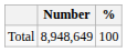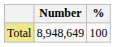 <table class="wikitable">
 <tr>
 <th></th>
 <th>Number</th>
 <th>%</th>
 </tr>
 <tr>
-<td>Total</td>
+<td style="background: khaki;">Total</td>
 <td>8,948,649</td>
 <td>100</td>
 </tr>
 </table>
